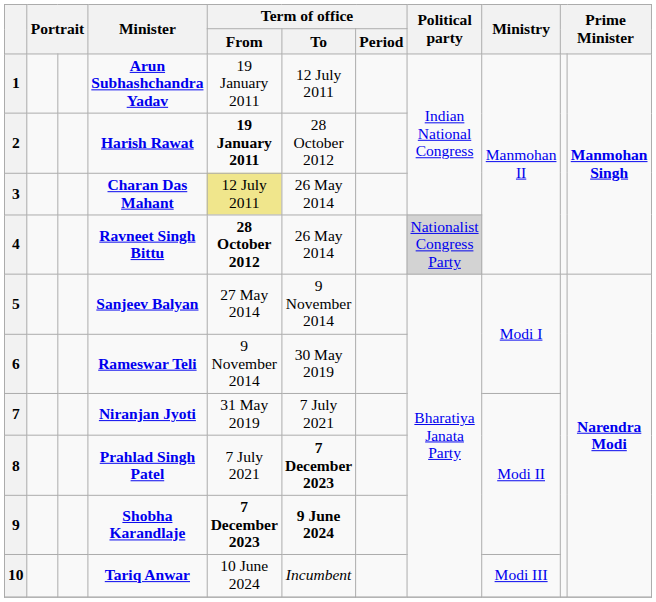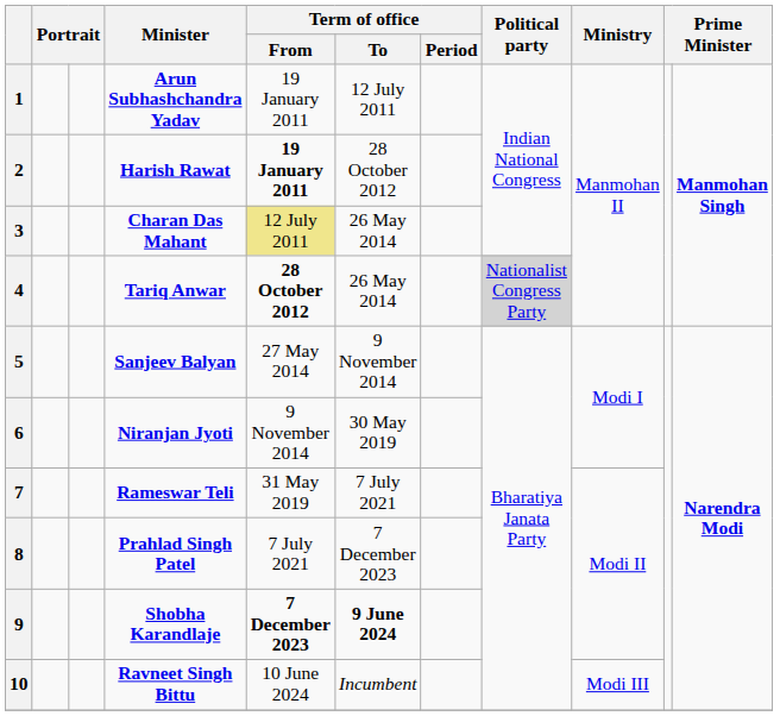 <table class="wikitable" style="text-align:center">
 <tr>
 <th rowspan="2"></th>
 <th rowspan="2" colspan="2">Portrait</th>
 <th rowspan="2" style="width:16em">Minister<br></th>
 <th colspan="3">Term of office</th>
 <th rowspan="2" style="width:8em">Political party</th>
 <th rowspan="2" style="width:6em">Ministry</th>
 <th rowspan="2" colspan="2">Prime Minister</th>
 </tr>
 <tr>
 <th style="width:8em">From</th>
 <th style="width:8em">To</th>
 <th style="width:6em">Period</th>
 </tr>
 <tr>
 <th>1</th>
 <td></td>
 <td></td>
 <td><strong><a href='#'>Arun Subhashchandra Yadav</a></strong><br></td>
 <td>19 January<br>2011</td>
 <td>12 July<br>2011</td>
 <td><strong></strong></td>
 <td rowspan="3"><a href='#'>Indian National Congress</a></td>
 <td rowspan="4"><a href='#'>Manmohan II</a></td>
 <td rowspan="4"></td>
 <td rowspan="4" style="width:9em"><strong><a href='#'>Manmohan Singh</a></strong></td>
 </tr>
 <tr>
 <th>2</th>
 <td></td>
 <td></td>
 <td><strong><a href='#'>Harish Rawat</a></strong><br></td>
 <td><strong>19 January<br>2011</strong></td>
 <td>28 October<br>2012</td>
 <td><strong></strong></td>
 </tr>
 <tr>
 <th>3</th>
 <td></td>
 <td></td>
 <td><strong><a href='#'>Charan Das Mahant</a></strong><br></td>
 <td style="background: khaki;">12 July<br>2011</td>
 <td>26 May<br>2014</td>
 <td><strong></strong></td>
 </tr>
 <tr>
 <th>4</th>
 <td></td>
 <td></td>
-<td><strong><a href='#'>Ravneet Singh Bittu</a></strong><br></td>
+<td><strong><a href='#'>Tariq Anwar</a></strong><br></td>
 <td><strong>28 October<br>2012</strong></td>
 <td>26 May<br>2014</td>
 <td><strong></strong></td>
 <td style="background: lightgrey;"><a href='#'>Nationalist Congress Party</a></td>
 </tr>
 <tr>
 <th>5</th>
 <td></td>
 <td></td>
 <td><strong><a href='#'>Sanjeev Balyan</a></strong><br></td>
 <td>27 May<br>2014</td>
 <td>9 November<br>2014</td>
 <td><strong></strong></td>
 <td rowspan="6"><a href='#'>Bharatiya Janata Party</a></td>
 <td rowspan="2"><a href='#'>Modi I</a></td>
 <td rowspan="6"></td>
 <td rowspan="6"><strong><a href='#'>Narendra Modi</a></strong></td>
 </tr>
 <tr>
 <th>6</th>
 <td></td>
 <td></td>
-<td><strong><a href='#'>Rameswar Teli</a></strong><br></td>
+<td><strong><a href='#'>Niranjan Jyoti</a></strong><br></td>
 <td>9 November<br>2014</td>
 <td>30 May<br>2019</td>
 <td><strong></strong></td>
 </tr>
 <tr>
 <th>7</th>
 <td></td>
 <td></td>
-<td><strong><a href='#'>Niranjan Jyoti</a></strong><br></td>
+<td><strong><a href='#'>Rameswar Teli</a></strong><br></td>
 <td>31 May<br>2019</td>
 <td>7 July<br>2021</td>
 <td><strong></strong></td>
 <td rowspan="3"><a href='#'>Modi II</a></td>
 </tr>
 <tr>
 <th>8</th>
 <td></td>
 <td></td>
 <td><strong><a href='#'>Prahlad Singh Patel</a></strong><br></td>
 <td>7 July<br>2021</td>
-<td><strong>7 December<br>2023</strong></td>
+<td>7 December<br>2023</td>
 <td><strong></strong></td>
 </tr>
 <tr>
 <th>9</th>
 <td></td>
 <td></td>
 <td><strong><a href='#'>Shobha Karandlaje</a></strong><br></td>
 <td><strong>7 December<br>2023</strong></td>
 <td><strong>9 June<br>2024</strong></td>
 <td><strong></strong></td>
 </tr>
 <tr>
 <th>10</th>
 <td></td>
 <td></td>
-<td><strong><a href='#'>Tariq Anwar</a></strong><br></td>
+<td><strong><a href='#'>Ravneet Singh Bittu</a></strong><br></td>
 <td>10 June<br>2024</td>
 <td><em>Incumbent</em></td>
 <td><strong></strong></td>
 <td><a href='#'>Modi III</a></td>
 </tr>
 <tr>
 </tr>
 </table>
